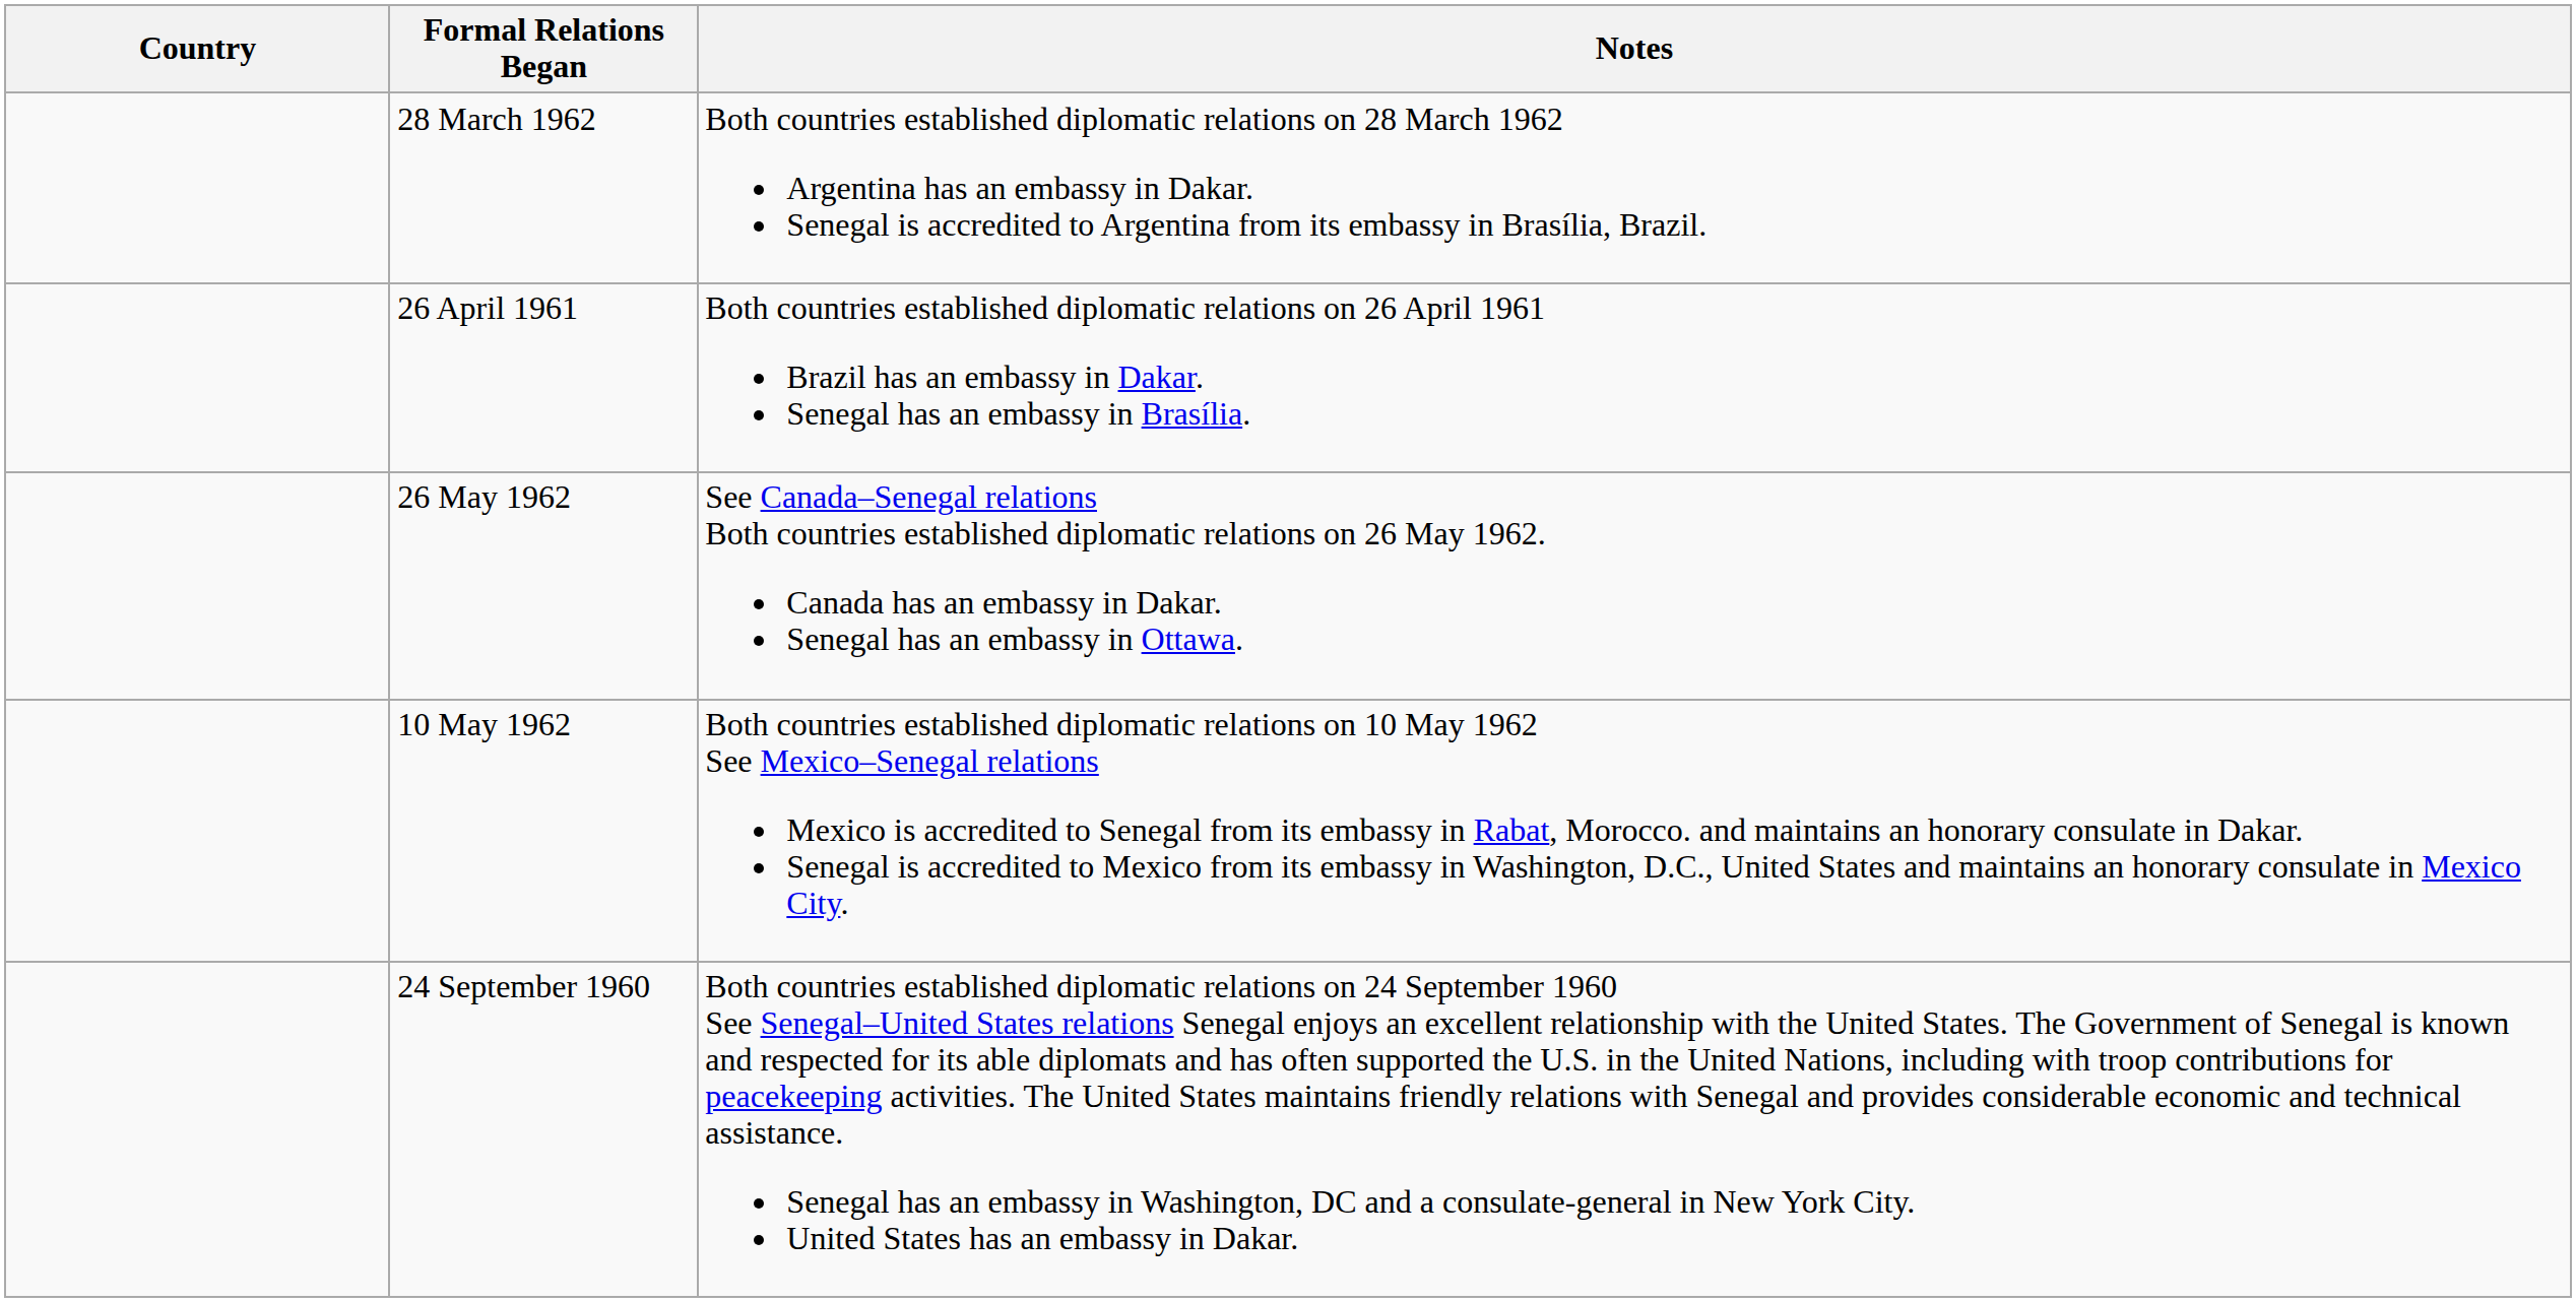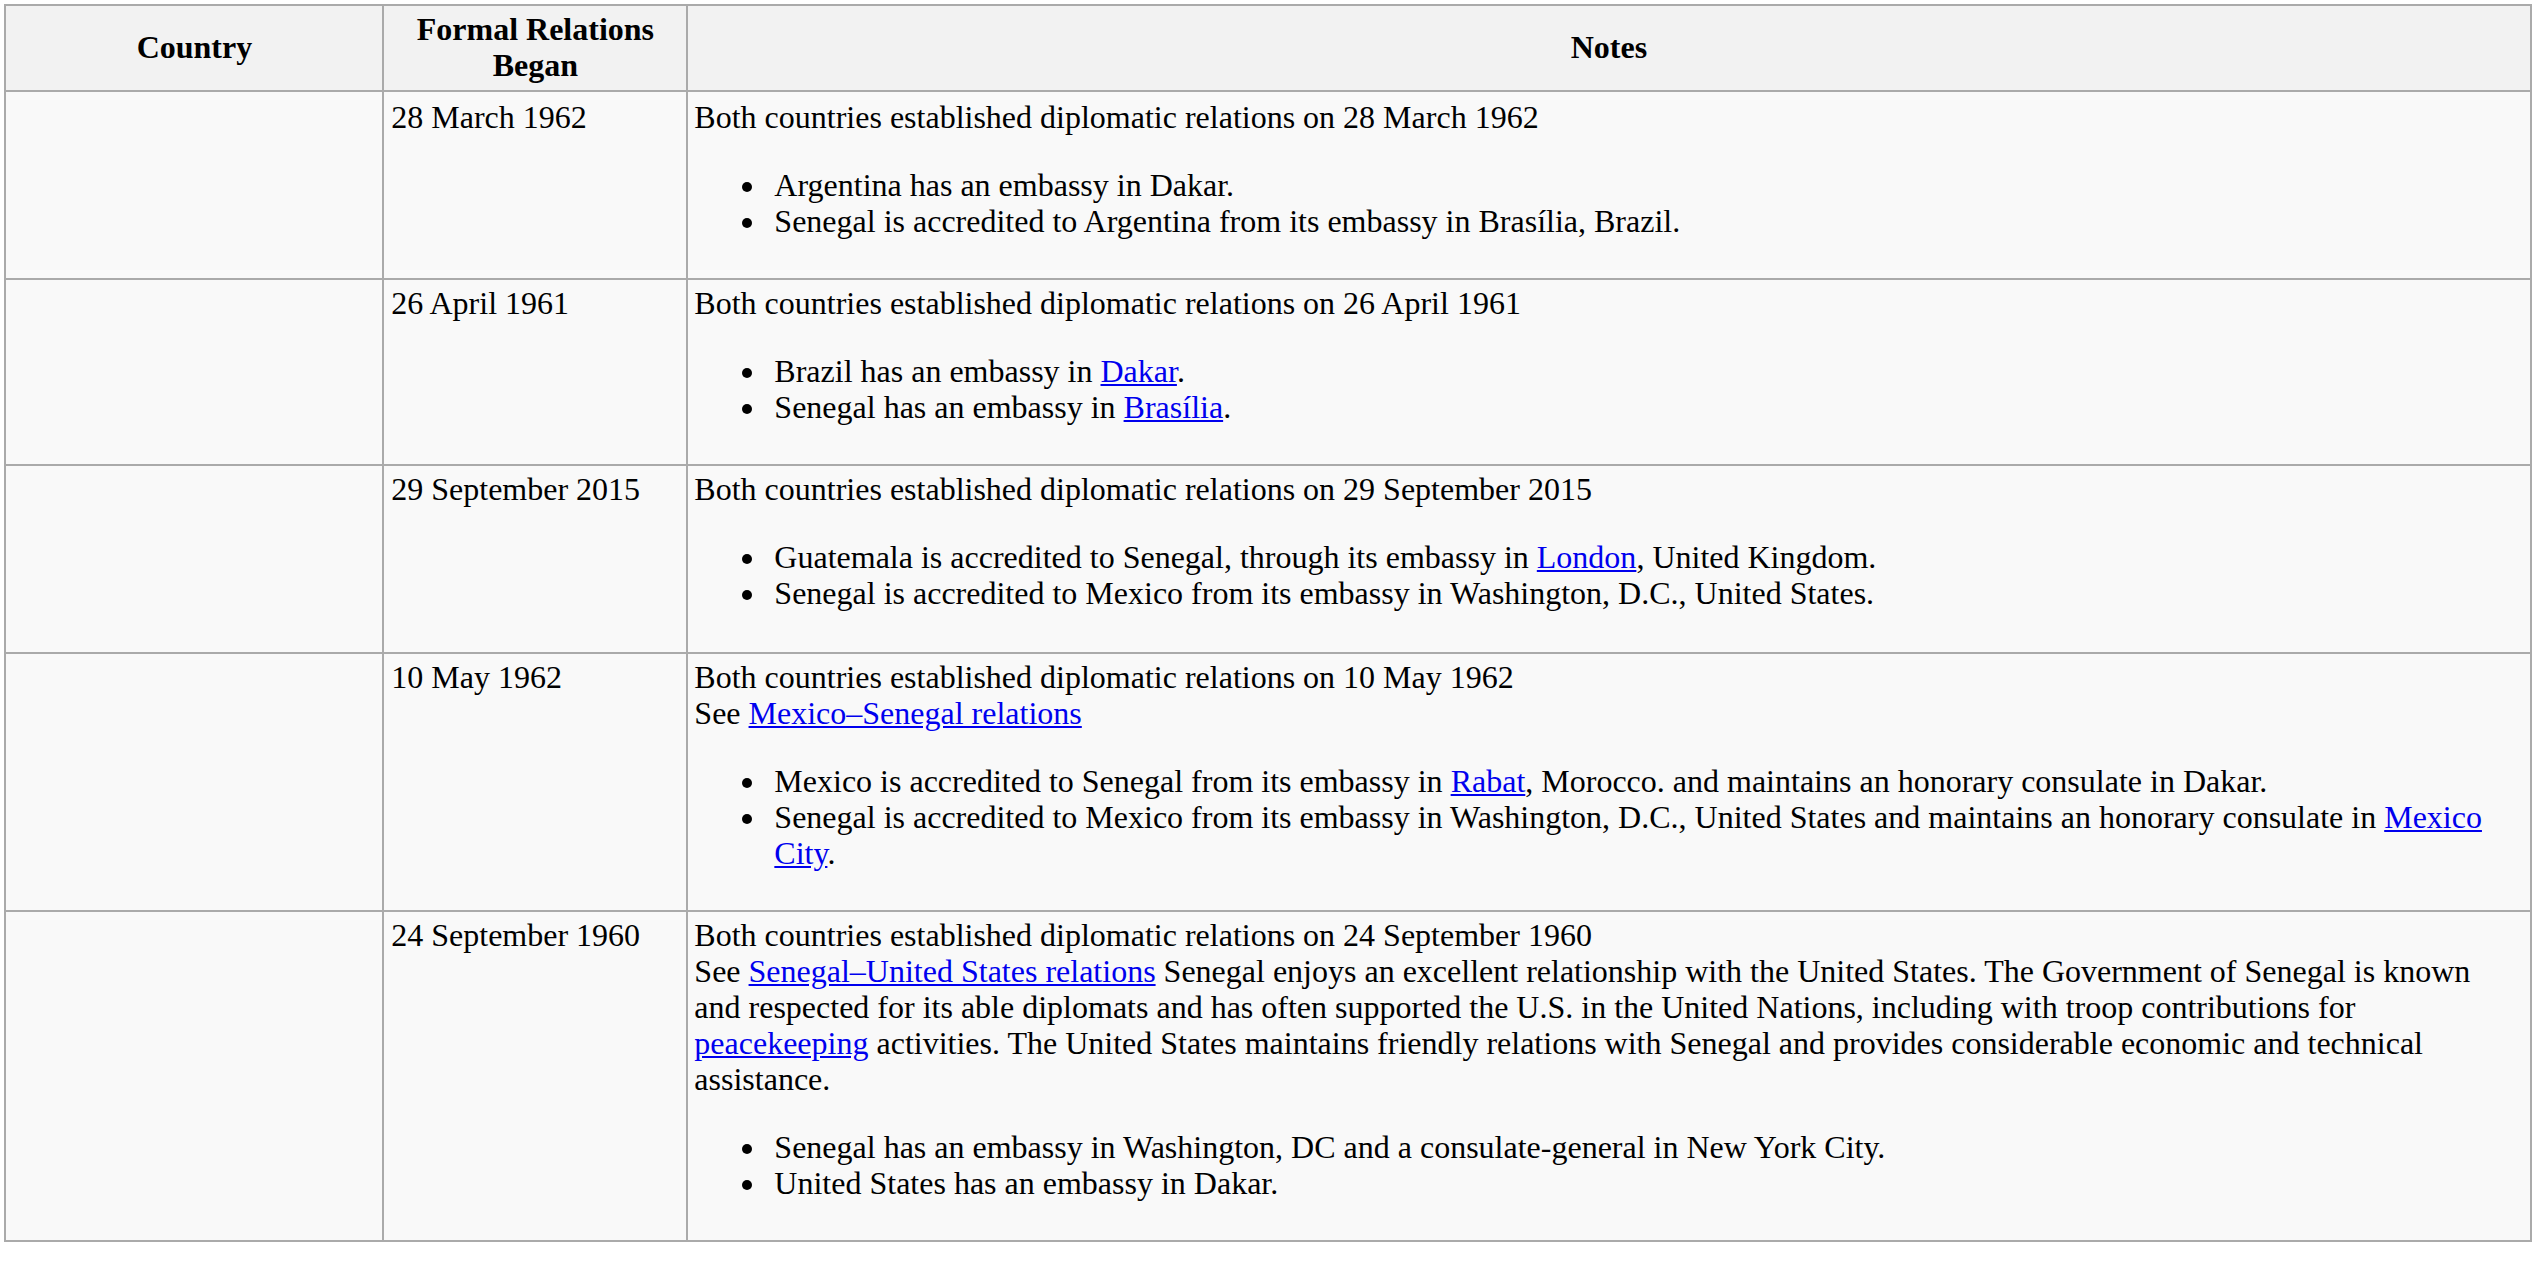 <table class="wikitable sortable" style="width:100%; margin:auto;">
 <tr>
 <th style="width:15%;">Country</th>
 <th style="width:12%;">Formal Relations Began</th>
 <th>Notes</th>
 </tr>
 <tr valign="top">
 <td></td>
 <td>28 March 1962</td>
 <td>Both countries established diplomatic relations on 28 March 1962<br><ul><li>Argentina has an embassy in Dakar.</li><li>Senegal is accredited to Argentina from its embassy in Brasília, Brazil.</li></ul></td>
 </tr>
 <tr valign="top">
 <td></td>
 <td>26 April 1961</td>
 <td>Both countries established diplomatic relations on 26 April 1961<br><ul><li>Brazil has an embassy in <a href='#'>Dakar</a>.</li><li>Senegal has an embassy in <a href='#'>Brasília</a>.</li></ul></td>
 </tr>
 <tr valign="top">
 <td></td>
-<td>26 May 1962</td>
-<td>See <a href='#'>Canada–Senegal relations</a><br>Both countries established diplomatic relations on 26 May 1962.<ul><li>Canada has an embassy in Dakar.</li><li>Senegal has an embassy in <a href='#'>Ottawa</a>.</li></ul></td>
+<td>29 September 2015</td>
+<td>Both countries established diplomatic relations on 29 September 2015<br><ul><li>Guatemala is accredited to Senegal, through its embassy in <a href='#'>London</a>, United Kingdom.</li><li>Senegal is accredited to Mexico from its embassy in Washington, D.C., United States.</li></ul></td>
 </tr>
 <tr valign="top">
 <td></td>
 <td>10 May 1962</td>
 <td>Both countries established diplomatic relations on 10 May 1962<br>See <a href='#'>Mexico–Senegal relations</a><ul><li>Mexico is accredited to Senegal from its embassy in <a href='#'>Rabat</a>, Morocco. and maintains an honorary consulate in Dakar.</li><li>Senegal is accredited to Mexico from its embassy in Washington, D.C., United States and maintains an honorary consulate in <a href='#'>Mexico City</a>.</li></ul></td>
 </tr>
 <tr valign="top">
 <td></td>
 <td>24 September 1960</td>
 <td>Both countries established diplomatic relations on 24 September 1960<br>See <a href='#'>Senegal–United States relations</a> Senegal enjoys an excellent relationship with the United States. The Government of Senegal is known and respected for its able diplomats and has often supported the U.S. in the United Nations, including with troop contributions for <a href='#'>peacekeeping</a> activities. The United States maintains friendly relations with Senegal and provides considerable economic and technical assistance.<ul><li>Senegal has an embassy in Washington, DC and a consulate-general in New York City.</li><li>United States has an embassy in Dakar.</li></ul></td>
 </tr>
 </table>
